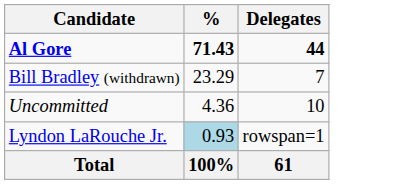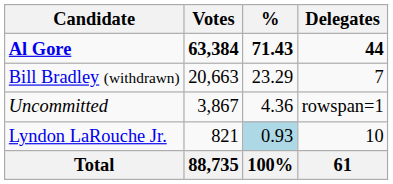 <table class="wikitable sortable" style="text-align:right;">
 <tr>
 <th>Candidate</th>
+<th>Votes</th>
 <th>%</th>
 <th>Delegates</th>
 </tr>
 <tr>
 <td style="text-align:left;" data-sort-value="Gore, Al"><strong><a href='#'>Al Gore</a></strong></td>
+<td><strong>63,384</strong></td>
 <td><strong>71.43</strong></td>
 <td><strong>44</strong></td>
 </tr>
 <tr>
 <td style="text-align:left;" data-sort-value="Bradley, Bill"><a href='#'>Bill Bradley</a> <small>(withdrawn)</small></td>
+<td>20,663</td>
 <td>23.29</td>
 <td>7</td>
 </tr>
 <tr>
 <td style="text-align:left;" data-sort-value="ZZZ"><em>Uncommitted</em></td>
+<td>3,867</td>
 <td>4.36</td>
+<td>rowspan=1 </td>
+</tr>
+<tr>
+<td style="text-align:left;" data-sort-value="LaRouche Jr., Lyndon"><a href='#'>Lyndon LaRouche Jr.</a></td>
+<td>821</td>
+<td style="background: lightblue;">0.93</td>
 <td>10</td>
 </tr>
 <tr>
-<td style="text-align:left;" data-sort-value="LaRouche Jr., Lyndon"><a href='#'>Lyndon LaRouche Jr.</a></td>
-<td style="background: lightblue;">0.93</td>
-<td>rowspan=1 </td>
-</tr>
-<tr>
 <th>Total</th>
+<th>88,735</th>
 <th>100%</th>
 <th>61</th>
 </tr>
 </table>
